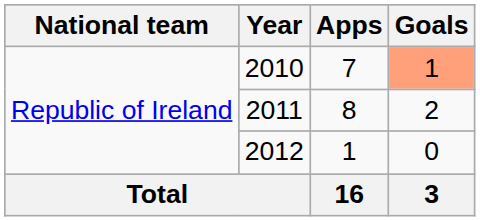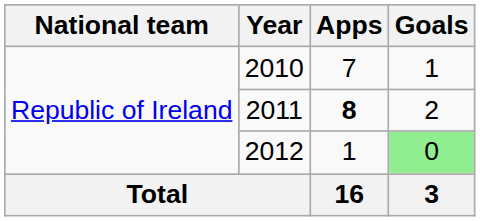 <table class=wikitable style="text-align: center">
 <tr>
 <th>National team</th>
 <th>Year</th>
 <th>Apps</th>
 <th>Goals</th>
 </tr>
 <tr>
 <td rowspan=3><a href='#'>Republic of Ireland</a></td>
 <td>2010</td>
 <td>7</td>
-<td style="background: lightsalmon;">1</td>
+<td>1</td>
 </tr>
 <tr>
 <td>2011</td>
-<td>8</td>
+<td><strong>8</strong></td>
 <td>2</td>
 </tr>
 <tr>
 <td>2012</td>
 <td>1</td>
-<td>0</td>
+<td style="background: lightgreen;">0</td>
 </tr>
 <tr>
 <th colspan=2>Total</th>
 <th>16</th>
 <th>3</th>
 </tr>
 </table>
